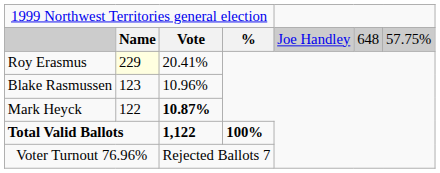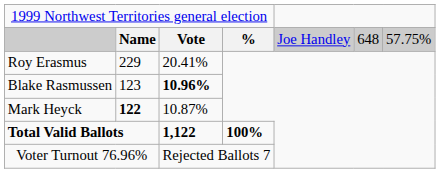 <table class="wikitable">
 <tr>
 <td colspan=4 align=center><a href='#'>1999 Northwest Territories general election</a></td>
 </tr>
 <tr bgcolor="CCCCCC">
 <td></td>
 <th><strong>Name </strong></th>
 <th><strong>Vote</strong></th>
 <th><strong>%</strong><br></th>
 <td><a href='#'>Joe Handley</a></td>
 <td>648</td>
 <td>57.75%</td>
 </tr>
 <tr>
 <td>Roy Erasmus</td>
-<td style="background: lightyellow;">229</td>
+<td>229</td>
 <td>20.41%</td>
 </tr>
 <tr>
 <td>Blake Rasmussen</td>
 <td>123</td>
-<td>10.96%</td>
+<td><strong>10.96%</strong></td>
 </tr>
 <tr>
 <td>Mark Heyck</td>
-<td>122</td>
-<td><strong>10.87%</strong></td>
+<td><strong>122</strong></td>
+<td>10.87%</td>
 </tr>
 <tr>
 <td colspan=2><strong>Total Valid Ballots</strong></td>
 <td><strong>1,122</strong></td>
 <td><strong>100%</strong></td>
 </tr>
 <tr>
 <td colspan=2 align=center>Voter Turnout 76.96%</td>
 <td colspan=2 align=center>Rejected Ballots 7</td>
 </tr>
 </table>
